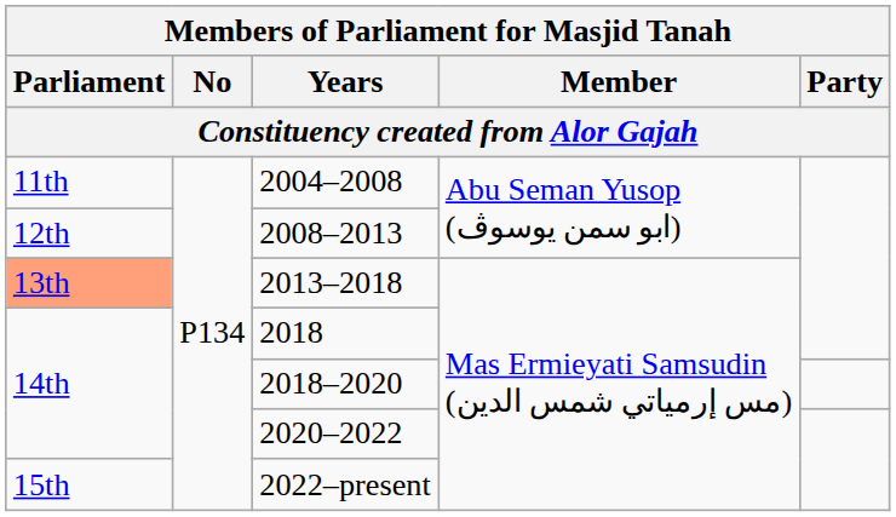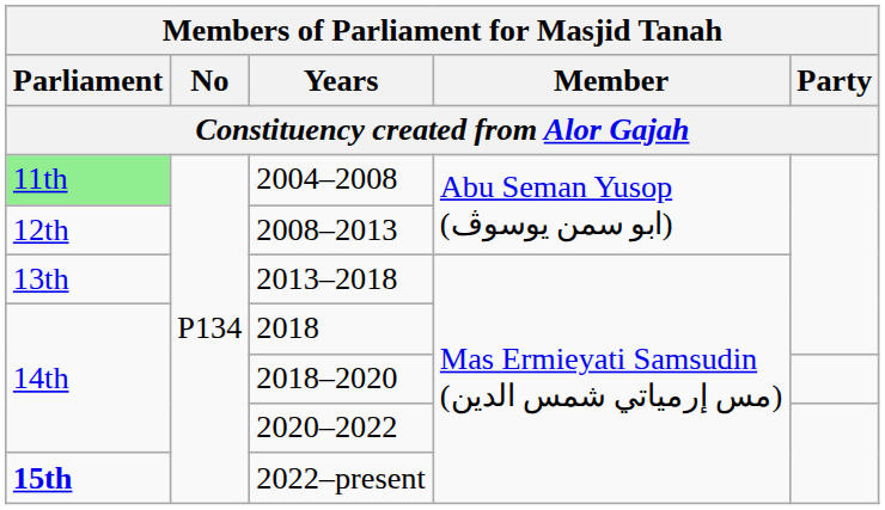 <table class=wikitable>
 <tr>
 <th colspan="5">Members of Parliament for Masjid Tanah</th>
 </tr>
 <tr>
 <th>Parliament</th>
 <th>No</th>
 <th>Years</th>
 <th>Member</th>
 <th>Party</th>
 </tr>
 <tr>
 <th colspan="5" align="center"><em>Constituency created from <a href='#'>Alor Gajah</a></em></th>
 </tr>
 <tr>
-<td><a href='#'>11th</a></td>
+<td style="background: lightgreen;"><a href='#'>11th</a></td>
 <td rowspan="7">P134</td>
 <td>2004–2008</td>
 <td rowspan=2><a href='#'>Abu Seman Yusop</a> <br> (ابو سمن يوسوڤ)</td>
 <td rowspan=4></td>
 </tr>
 <tr>
 <td><a href='#'>12th</a></td>
 <td>2008–2013</td>
 </tr>
 <tr>
-<td style="background: lightsalmon;"><a href='#'>13th</a></td>
+<td><a href='#'>13th</a></td>
 <td>2013–2018</td>
 <td rowspan="5"><a href='#'>Mas Ermieyati Samsudin</a>  <br>(مس إرمياتي شمس الدين‎)</td>
 </tr>
 <tr>
 <td rowspan=3><a href='#'>14th</a></td>
 <td>2018</td>
 </tr>
 <tr>
 <td>2018–2020</td>
 <td></td>
 </tr>
 <tr>
 <td>2020–2022</td>
 <td rowspan="2"></td>
 </tr>
 <tr>
-<td><a href='#'>15th</a></td>
+<td><strong><a href='#'>15th</a></strong></td>
 <td>2022–present</td>
 </tr>
 </table>
